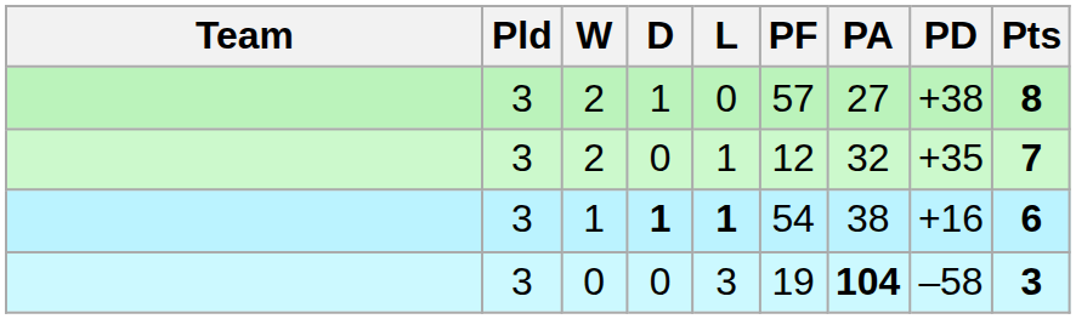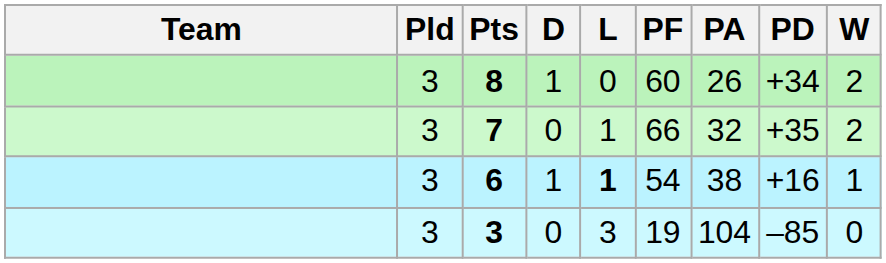 <table class="wikitable" style="text-align:center;">
 <tr>
 <th width=190>Team</th>
 <th width=20 abbr="Played">Pld</th>
-<th width=20 abbr="Won">W</th>
+<th width=20 abbr="Points">Pts</th>
 <th width=20 abbr="Drawn">D</th>
 <th width=20 abbr="Lost">L</th>
 <th width=20 abbr="Points for">PF</th>
 <th width=20 abbr="Points against">PA</th>
 <th width=25 abbr="Points difference">PD</th>
-<th width=20 abbr="Points">Pts</th>
+<th width=20 abbr="Won">W</th>
 </tr>
 <tr bgcolor=BBF3BB>
 <td align=left></td>
 <td>3</td>
-<td>2</td>
+<td><strong>8</strong></td>
 <td>1</td>
 <td>0</td>
-<td>57</td>
-<td>27</td>
-<td>+38</td>
-<td><strong>8</strong></td>
+<td>60</td>
+<td>26</td>
+<td>+34</td>
+<td>2</td>
 </tr>
 <tr bgcolor=CCF9CC>
 <td align=left></td>
 <td>3</td>
-<td>2</td>
+<td><strong>7</strong></td>
 <td>0</td>
 <td>1</td>
-<td>12</td>
+<td>66</td>
 <td>32</td>
 <td>+35</td>
-<td><strong>7</strong></td>
+<td>2</td>
 </tr>
 <tr bgcolor=BBF3FF>
 <td align=left></td>
 <td>3</td>
+<td><strong>6</strong></td>
 <td>1</td>
-<td><strong>1</strong></td>
 <td><strong>1</strong></td>
 <td>54</td>
 <td>38</td>
 <td>+16</td>
-<td><strong>6</strong></td>
+<td>1</td>
 </tr>
 <tr bgcolor=CCF9FF>
 <td align=left></td>
 <td>3</td>
-<td>0</td>
+<td><strong>3</strong></td>
 <td>0</td>
 <td>3</td>
 <td>19</td>
-<td><strong>104</strong></td>
-<td>–58</td>
-<td><strong>3</strong></td>
+<td>104</td>
+<td>–85</td>
+<td>0</td>
 </tr>
 </table>
